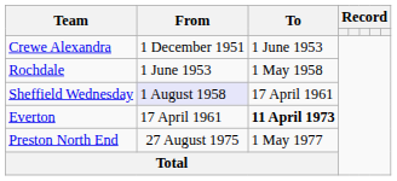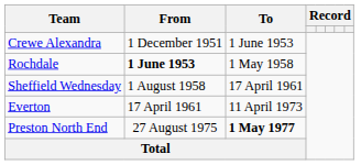 <table class=wikitable style="text-align: center">
 <tr>
 <th rowspan=2>Team</th>
 <th rowspan=2>From</th>
 <th rowspan=2>To</th>
 <th colspan=5>Record</th>
 </tr>
 <tr>
 <th></th>
 <th></th>
 <th></th>
 <th></th>
 <th></th>
 </tr>
 <tr>
 <td align=left><a href='#'>Crewe Alexandra</a></td>
 <td align=left>1 December 1951</td>
 <td align=left>1 June 1953<br></td>
 </tr>
 <tr>
 <td align=left><a href='#'>Rochdale</a></td>
-<td align=left>1 June 1953</td>
+<td align=left><strong>1 June 1953</strong></td>
 <td align=left>1 May 1958<br></td>
 </tr>
 <tr>
 <td align=left><a href='#'>Sheffield Wednesday</a></td>
-<td align=left style="background: lavender;">1 August 1958</td>
+<td align=left>1 August 1958</td>
 <td align=left>17 April 1961<br></td>
 </tr>
 <tr>
 <td align=left><a href='#'>Everton</a></td>
 <td align=left>17 April 1961</td>
-<td align=left><strong>11 April 1973<br></strong></td>
+<td align=left>11 April 1973<br></td>
 </tr>
 <tr>
 <td align=left><a href='#'>Preston North End</a></td>
 <td align=center>27 August 1975</td>
-<td align=left>1 May 1977<br></td>
+<td align=left><strong>1 May 1977<br></strong></td>
 </tr>
 <tr>
 <th colspan=3>Total<br></th>
 </tr>
 </table>
